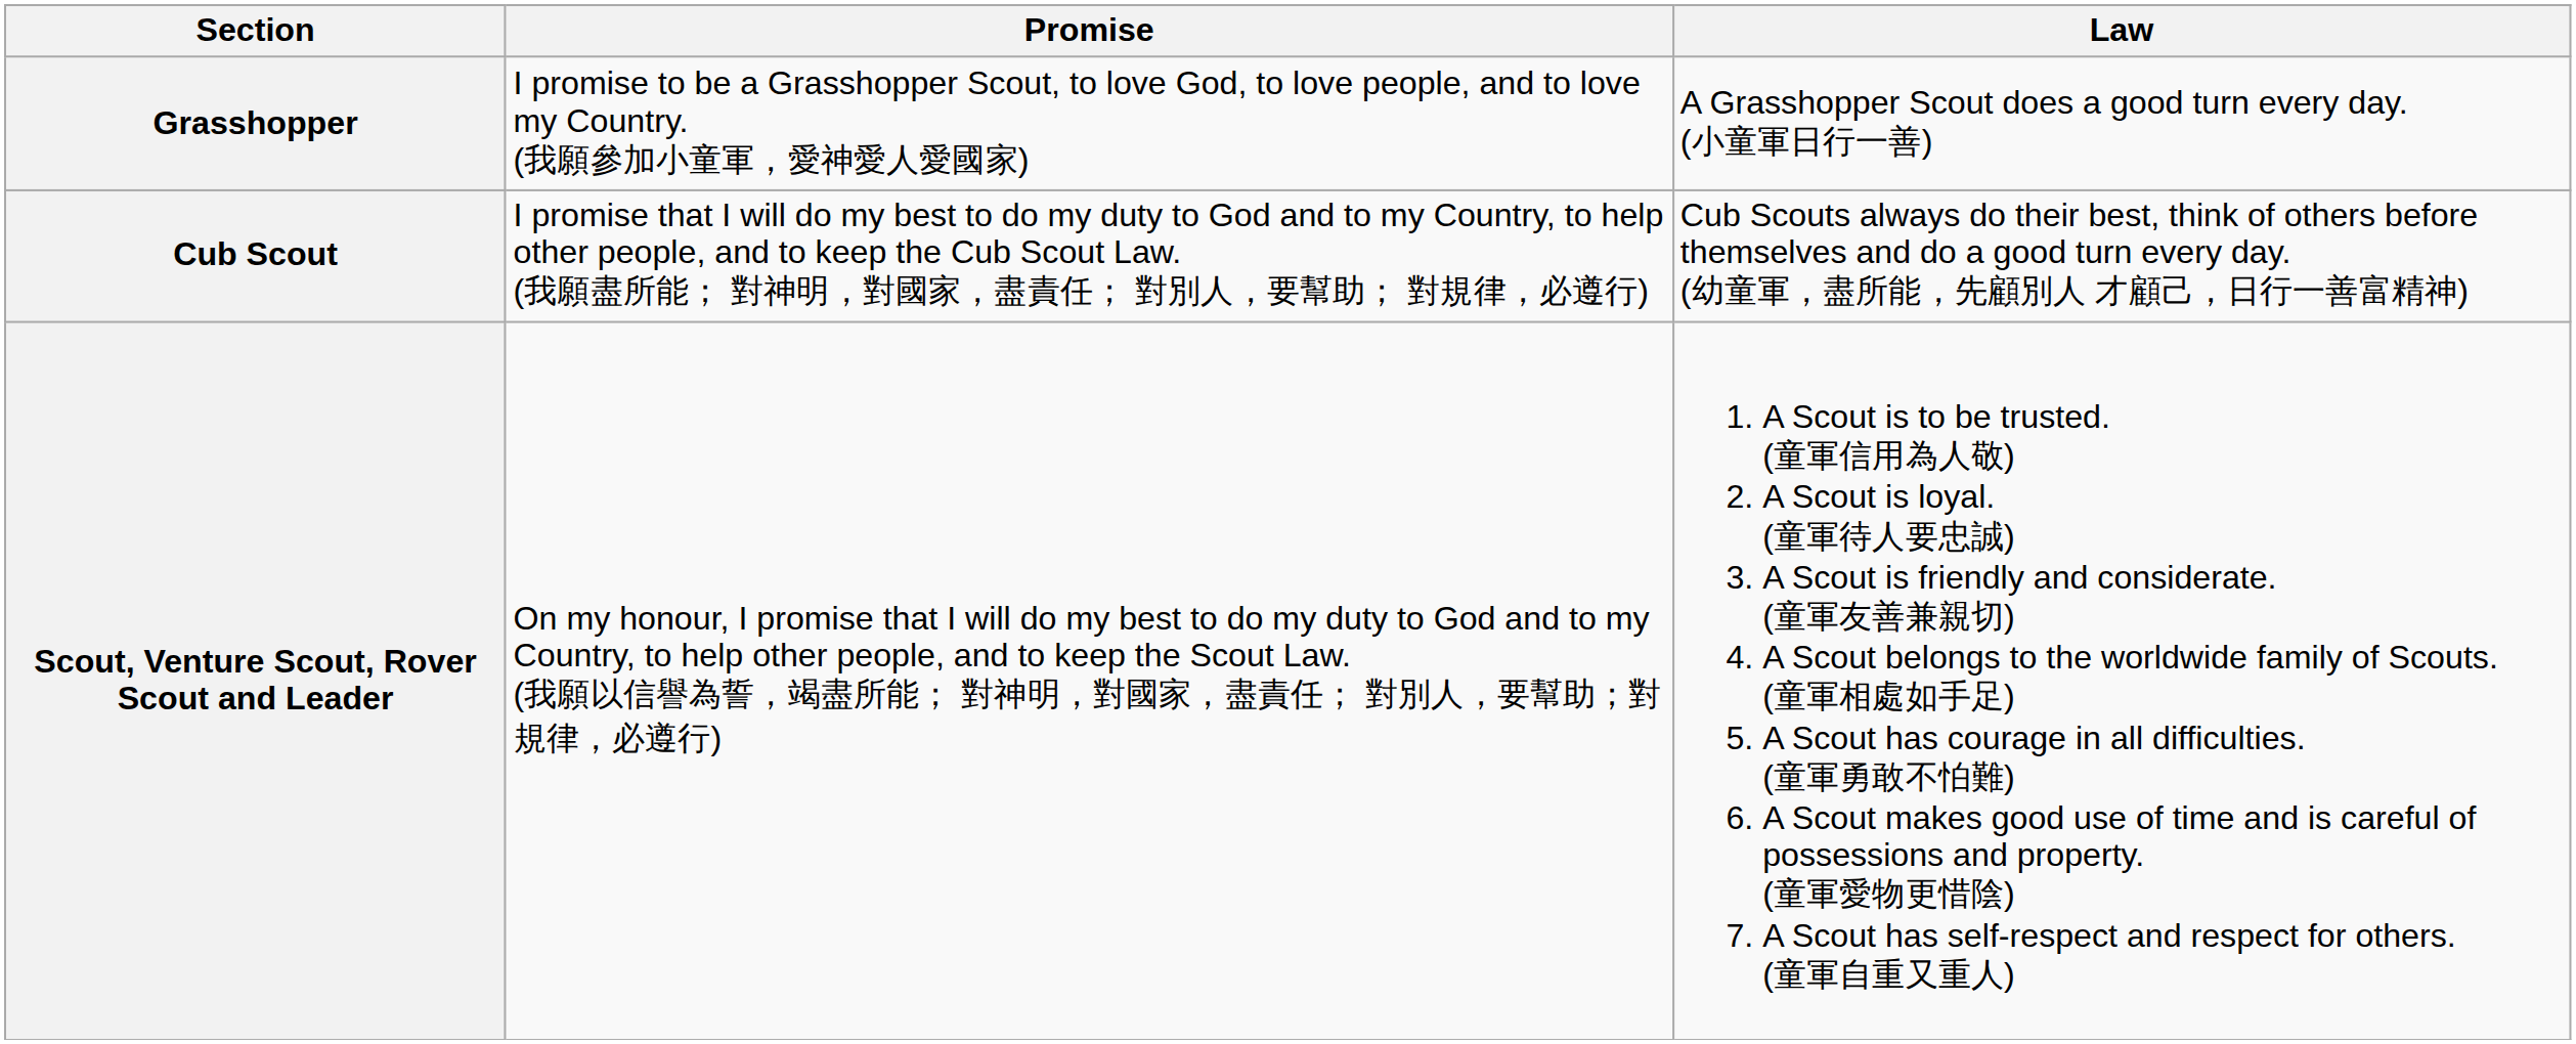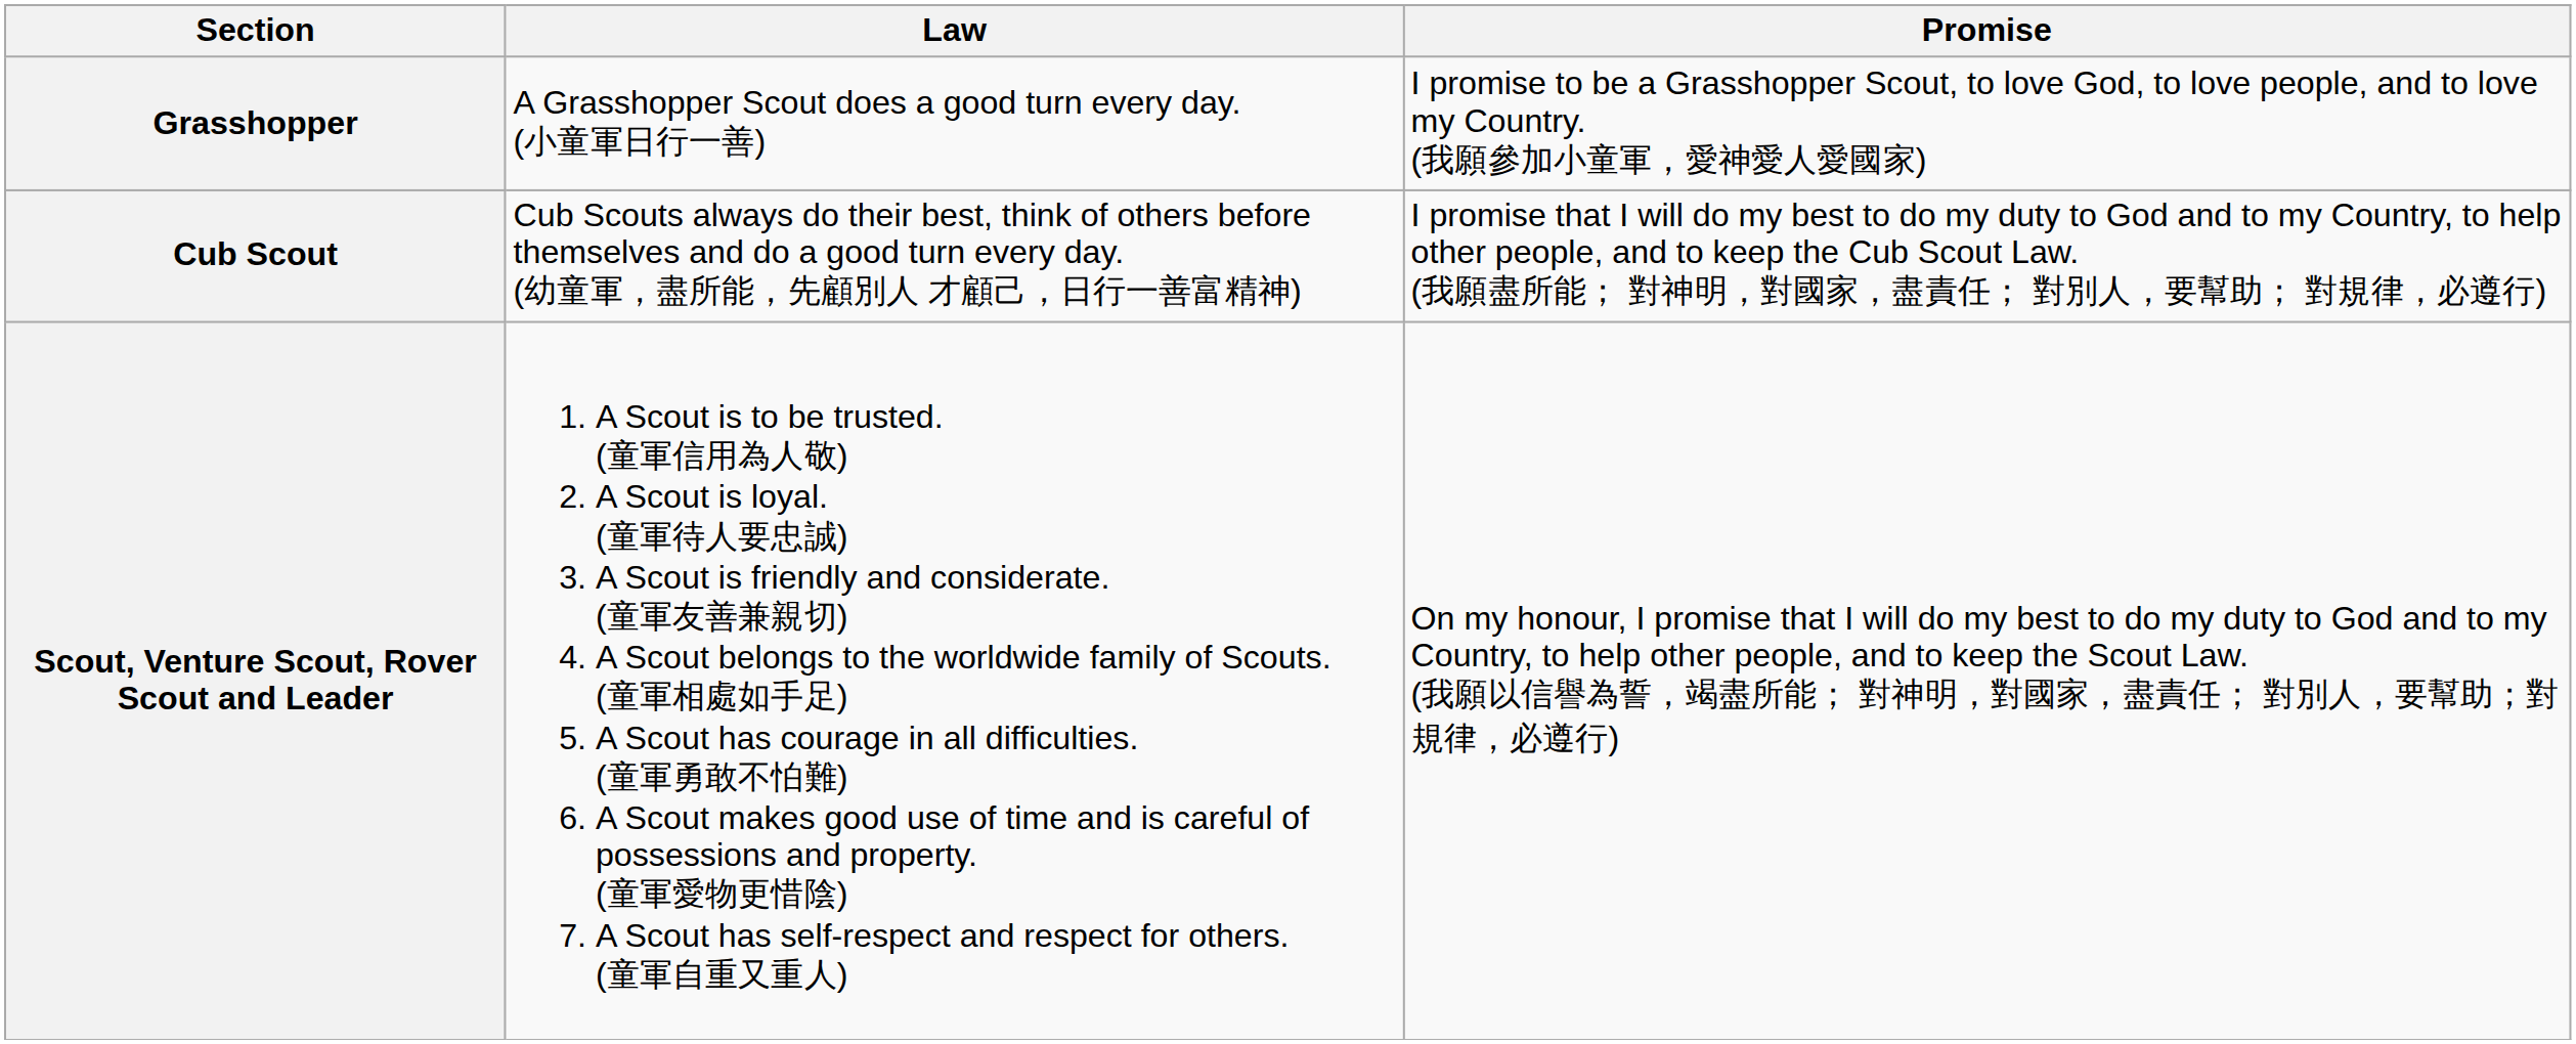 <table class = wikitable>
 <tr>
 <th>Section</th>
+<th>Law</th>
 <th>Promise</th>
-<th>Law</th>
 </tr>
 <tr>
 <th>Grasshopper</th>
+<td>A Grasshopper Scout does a good turn every day.<br> (小童軍日行一善)</td>
 <td>I promise to be a Grasshopper Scout, to love God, to love people, and to love my Country.<br> (我願參加小童軍，愛神愛人愛國家)</td>
-<td>A Grasshopper Scout does a good turn every day.<br> (小童軍日行一善)</td>
 </tr>
 <tr>
 <th>Cub Scout</th>
+<td>Cub Scouts always do their best, think of others before themselves and do a good turn every day.<br> (幼童軍，盡所能，先顧別人 才顧己，日行一善富精神)</td>
 <td>I promise that I will do my best to do my duty to God and to my Country, to help other people, and to keep the Cub Scout Law.<br> (我願盡所能； 對神明，對國家，盡責任； 對別人，要幫助； 對規律，必遵行)</td>
-<td>Cub Scouts always do their best, think of others before themselves and do a good turn every day.<br> (幼童軍，盡所能，先顧別人 才顧己，日行一善富精神)</td>
 </tr>
 <tr>
 <th>Scout, Venture Scout, Rover Scout and Leader</th>
+<td><br><ol><li>A Scout is to be trusted.<br> (童軍信用為人敬)</li><li>A Scout is loyal.<br> (童軍待人要忠誠)</li><li>A Scout is friendly and considerate.<br> (童軍友善兼親切)</li><li>A Scout belongs to the worldwide family of Scouts.<br> (童軍相處如手足)</li><li>A Scout has courage in all difficulties.<br> (童軍勇敢不怕難)</li><li>A Scout makes good use of time and is careful of possessions and property.<br> (童軍愛物更惜陰)</li><li>A Scout has self-respect and respect for others.<br> (童軍自重又重人)</li></ol></td>
 <td>On my honour, I promise that I will do my best to do my duty to God and to my Country, to help other people, and to keep the Scout Law.<br> (我願以信譽為誓，竭盡所能； 對神明，對國家，盡責任； 對別人，要幫助；對規律，必遵行)</td>
-<td><br><ol><li>A Scout is to be trusted.<br> (童軍信用為人敬)</li><li>A Scout is loyal.<br> (童軍待人要忠誠)</li><li>A Scout is friendly and considerate.<br> (童軍友善兼親切)</li><li>A Scout belongs to the worldwide family of Scouts.<br> (童軍相處如手足)</li><li>A Scout has courage in all difficulties.<br> (童軍勇敢不怕難)</li><li>A Scout makes good use of time and is careful of possessions and property.<br> (童軍愛物更惜陰)</li><li>A Scout has self-respect and respect for others.<br> (童軍自重又重人)</li></ol></td>
 </tr>
 </table>
